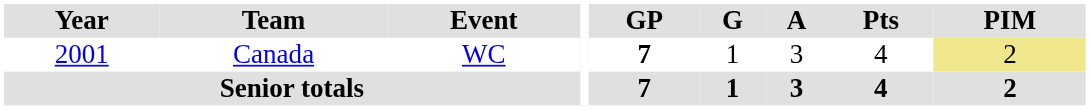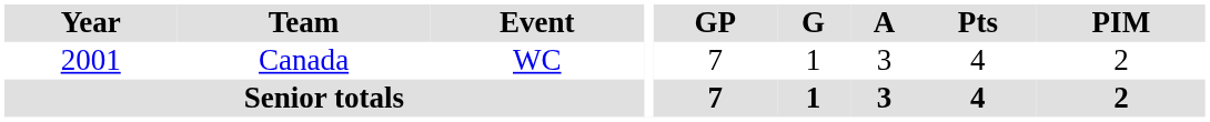 <table border="0" cellpadding="1" cellspacing="0" ID="Table3" style="text-align:center; width:40em">
 <tr ALIGN="center" bgcolor="#e0e0e0">
 <th>Year</th>
 <th>Team</th>
 <th>Event</th>
 <th rowspan="99" bgcolor="#ffffff"></th>
 <th>GP</th>
 <th>G</th>
 <th>A</th>
 <th>Pts</th>
 <th>PIM</th>
 </tr>
 <tr>
 <td><a href='#'>2001</a></td>
 <td><a href='#'>Canada</a></td>
 <td><a href='#'>WC</a></td>
-<td><strong>7</strong></td>
+<td>7</td>
 <td>1</td>
 <td>3</td>
 <td>4</td>
-<td style="background: khaki;">2</td>
+<td>2</td>
 </tr>
 <tr bgcolor="#e0e0e0">
 <th colspan="3">Senior totals</th>
 <th>7</th>
 <th>1</th>
 <th>3</th>
 <th>4</th>
 <th>2</th>
 </tr>
 </table>
